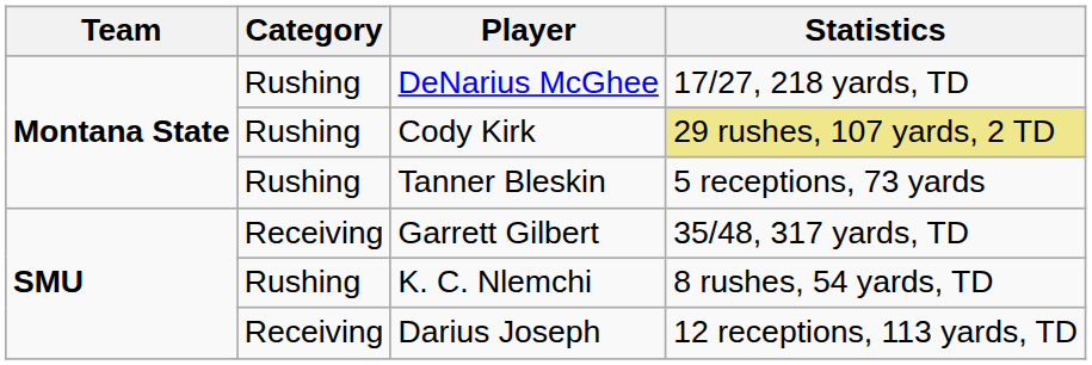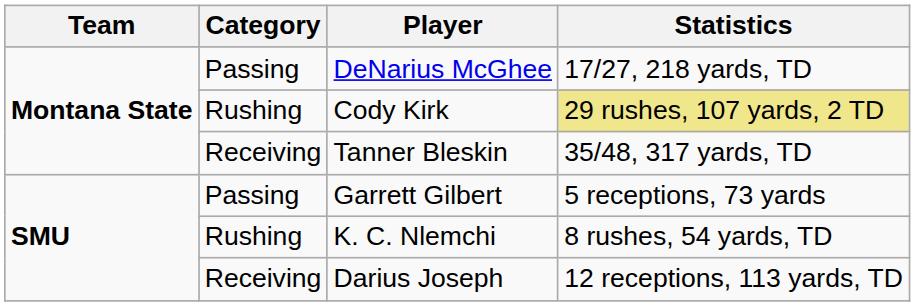 <table class="wikitable" style="float: left;">
 <tr>
 <th>Team</th>
 <th>Category</th>
 <th>Player</th>
 <th>Statistics</th>
 </tr>
 <tr>
 <td rowspan=3><strong>Montana State</strong></td>
-<td>Rushing</td>
+<td>Passing</td>
 <td><a href='#'>DeNarius McGhee</a></td>
 <td>17/27, 218 yards, TD</td>
 </tr>
 <tr>
 <td>Rushing</td>
 <td>Cody Kirk</td>
 <td style="background: khaki;">29 rushes, 107 yards, 2 TD</td>
 </tr>
 <tr>
-<td>Rushing</td>
+<td>Receiving</td>
 <td>Tanner Bleskin</td>
-<td>5 receptions, 73 yards</td>
+<td>35/48, 317 yards, TD</td>
 </tr>
 <tr>
 <td rowspan=3><strong>SMU</strong></td>
-<td>Receiving</td>
+<td>Passing</td>
 <td>Garrett Gilbert</td>
-<td>35/48, 317 yards, TD</td>
+<td>5 receptions, 73 yards</td>
 </tr>
 <tr>
 <td>Rushing</td>
 <td>K. C. Nlemchi</td>
 <td>8 rushes, 54 yards, TD</td>
 </tr>
 <tr>
 <td>Receiving</td>
 <td>Darius Joseph</td>
 <td>12 receptions, 113 yards, TD</td>
 </tr>
 </table>
